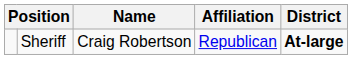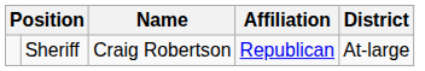 <table class=wikitable>
 <tr>
 <th colspan="2" style="text-align:center; vertical-align:bottom;">Position</th>
 <th style="text-align:center;">Name</th>
 <th valign=bottom>Affiliation</th>
 <th style="vertical-align:bottom; text-align:center;">District</th>
 </tr>
 <tr>
 <td style="background-color:"> </td>
 <td>Sheriff</td>
 <td>Craig Robertson</td>
 <td style="text-align:center;"><a href='#'>Republican</a></td>
-<td style="text-align:center;"><strong>At-large</strong></td>
+<td style="text-align:center;">At-large</td>
 </tr>
 </table>
